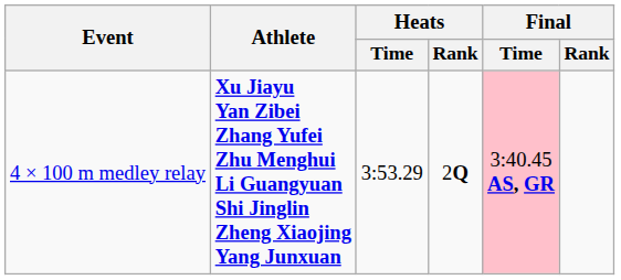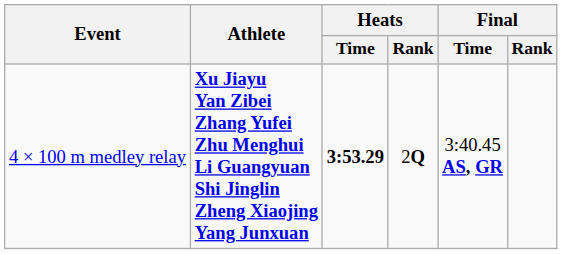 <table class=wikitable style="font-size:90%">
 <tr>
 <th rowspan="2">Event</th>
 <th rowspan="2">Athlete</th>
 <th colspan="2">Heats</th>
 <th colspan="2">Final</th>
 </tr>
 <tr style="font-size:95%">
 <th>Time</th>
 <th>Rank</th>
 <th>Time</th>
 <th>Rank</th>
 </tr>
 <tr align=center>
 <td align=left><a href='#'>4 × 100 m medley relay</a></td>
 <td align=left><strong><a href='#'>Xu Jiayu</a><br><a href='#'>Yan Zibei</a><br><a href='#'>Zhang Yufei</a><br><a href='#'>Zhu Menghui</a><br><a href='#'>Li Guangyuan</a><br><a href='#'>Shi Jinglin</a><br><a href='#'>Zheng Xiaojing</a><br><a href='#'>Yang Junxuan</a></strong></td>
-<td>3:53.29</td>
+<td><strong>3:53.29</strong></td>
 <td>2<strong>Q</strong></td>
-<td style="background: pink;">3:40.45<br><strong><a href='#'>AS</a>, <a href='#'>GR</a></strong></td>
+<td>3:40.45<br><strong><a href='#'>AS</a>, <a href='#'>GR</a></strong></td>
 <td></td>
 </tr>
 </table>
